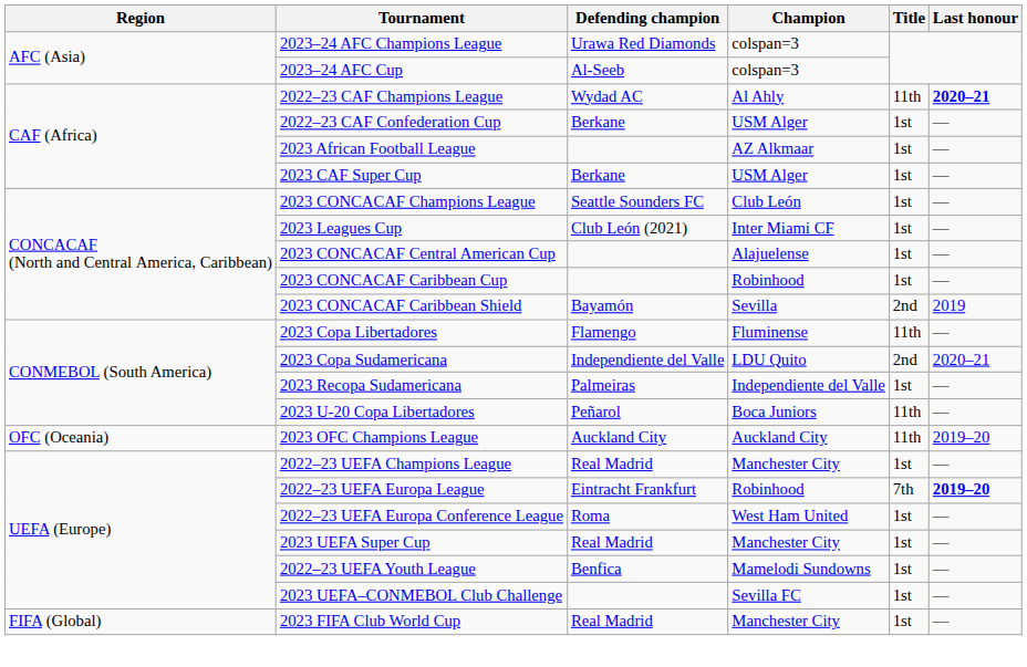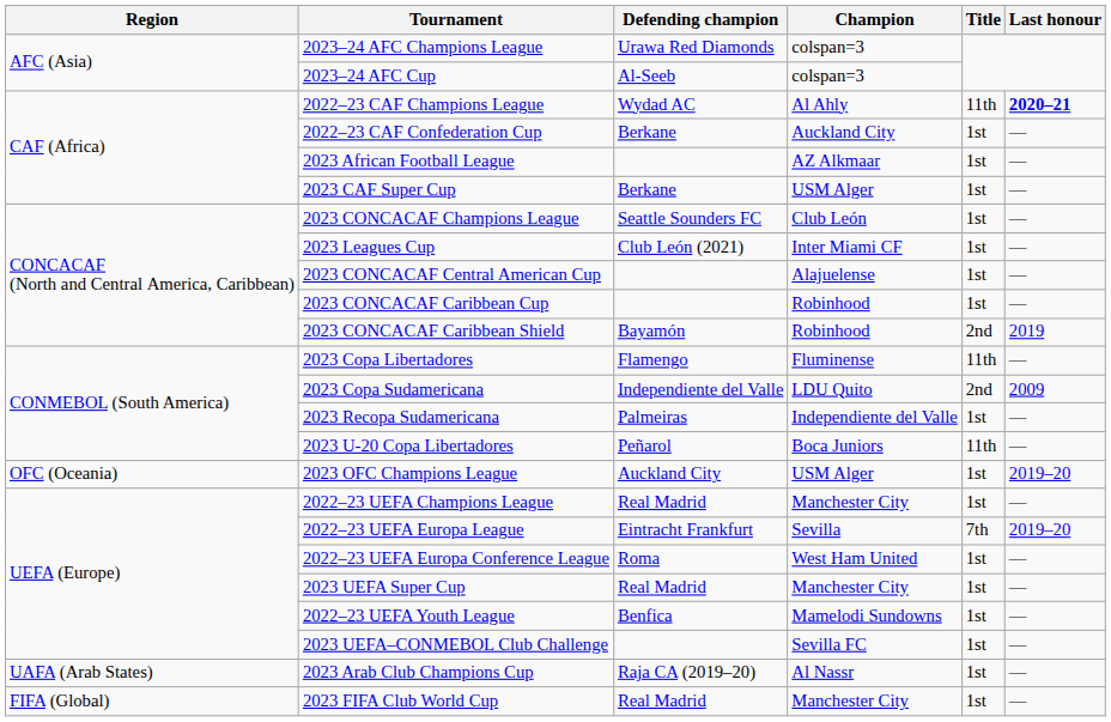 <table class=wikitable style="font-size:14px">
 <tr>
 <th>Region</th>
 <th>Tournament</th>
 <th>Defending champion</th>
 <th>Champion</th>
 <th>Title</th>
 <th>Last honour</th>
 </tr>
 <tr>
 <td rowspan=2><a href='#'>AFC</a> (Asia)</td>
 <td><a href='#'>2023–24 AFC Champions League</a></td>
 <td> <a href='#'>Urawa Red Diamonds</a></td>
 <td>colspan=3 </td>
 </tr>
 <tr>
 <td><a href='#'>2023–24 AFC Cup</a></td>
 <td> <a href='#'>Al-Seeb</a></td>
 <td>colspan=3 </td>
 </tr>
 <tr>
 <td rowspan=4><a href='#'>CAF</a> (Africa)</td>
 <td><a href='#'>2022–23 CAF Champions League</a></td>
 <td> <a href='#'>Wydad AC</a></td>
 <td> <a href='#'>Al Ahly</a></td>
 <td>11th</td>
 <td><strong><a href='#'>2020–21</a></strong></td>
 </tr>
 <tr>
 <td><a href='#'>2022–23 CAF Confederation Cup</a></td>
 <td> <a href='#'>Berkane</a></td>
-<td> <a href='#'>USM Alger</a></td>
+<td> <a href='#'>Auckland City</a></td>
 <td>1st</td>
 <td>—</td>
 </tr>
 <tr>
 <td><a href='#'>2023 African Football League</a></td>
 <td></td>
 <td> <a href='#'>AZ Alkmaar</a></td>
 <td>1st</td>
 <td>—</td>
 </tr>
 <tr>
 <td><a href='#'>2023 CAF Super Cup</a></td>
 <td> <a href='#'>Berkane</a></td>
 <td> <a href='#'>USM Alger</a></td>
 <td>1st</td>
 <td>—</td>
 </tr>
 <tr>
 <td rowspan=5><a href='#'>CONCACAF</a><br>(North and Central America, Caribbean)</td>
 <td><a href='#'>2023 CONCACAF Champions League</a></td>
 <td> <a href='#'>Seattle Sounders FC</a></td>
 <td> <a href='#'>Club León</a></td>
 <td>1st</td>
 <td>—</td>
 </tr>
 <tr>
 <td><a href='#'>2023 Leagues Cup</a></td>
 <td> <a href='#'>Club León</a> (2021)</td>
 <td> <a href='#'>Inter Miami CF</a></td>
 <td>1st</td>
 <td>—</td>
 </tr>
 <tr>
 <td><a href='#'>2023 CONCACAF Central American Cup</a></td>
 <td></td>
 <td> <a href='#'>Alajuelense</a></td>
 <td>1st</td>
 <td>—</td>
 </tr>
 <tr>
 <td><a href='#'>2023 CONCACAF Caribbean Cup</a></td>
 <td></td>
 <td> <a href='#'>Robinhood</a></td>
 <td>1st</td>
 <td>—</td>
 </tr>
 <tr>
 <td><a href='#'>2023 CONCACAF Caribbean Shield</a></td>
 <td> <a href='#'>Bayamón</a></td>
-<td> <a href='#'>Sevilla</a></td>
+<td> <a href='#'>Robinhood</a></td>
 <td>2nd</td>
 <td><a href='#'>2019</a></td>
 </tr>
 <tr>
 <td rowspan=4><a href='#'>CONMEBOL</a> (South America)</td>
 <td><a href='#'>2023 Copa Libertadores</a></td>
 <td> <a href='#'>Flamengo</a></td>
 <td> <a href='#'>Fluminense</a></td>
 <td>11th</td>
 <td>—</td>
 </tr>
 <tr>
 <td><a href='#'>2023 Copa Sudamericana</a></td>
 <td> <a href='#'>Independiente del Valle</a></td>
 <td> <a href='#'>LDU Quito</a></td>
 <td>2nd</td>
-<td><a href='#'>2020–21</a></td>
+<td><a href='#'>2009</a></td>
 </tr>
 <tr>
 <td><a href='#'>2023 Recopa Sudamericana</a></td>
 <td> <a href='#'>Palmeiras</a></td>
 <td> <a href='#'>Independiente del Valle</a></td>
 <td>1st</td>
 <td>—</td>
 </tr>
 <tr>
 <td><a href='#'>2023 U-20 Copa Libertadores</a></td>
 <td> <a href='#'>Peñarol</a></td>
 <td> <a href='#'>Boca Juniors</a></td>
 <td>11th</td>
 <td>—</td>
 </tr>
 <tr>
 <td><a href='#'>OFC</a> (Oceania)</td>
 <td><a href='#'>2023 OFC Champions League</a></td>
 <td> <a href='#'>Auckland City</a></td>
-<td> <a href='#'>Auckland City</a></td>
-<td>11th</td>
+<td> <a href='#'>USM Alger</a></td>
+<td>1st</td>
 <td><a href='#'>2019–20</a></td>
 </tr>
 <tr>
 <td rowspan=6><a href='#'>UEFA</a> (Europe)</td>
 <td><a href='#'>2022–23 UEFA Champions League</a></td>
 <td> <a href='#'>Real Madrid</a></td>
 <td> <a href='#'>Manchester City</a></td>
 <td>1st</td>
 <td>—</td>
 </tr>
 <tr>
 <td><a href='#'>2022–23 UEFA Europa League</a></td>
 <td> <a href='#'>Eintracht Frankfurt</a></td>
-<td> <a href='#'>Robinhood</a></td>
+<td> <a href='#'>Sevilla</a></td>
 <td>7th</td>
-<td><strong><a href='#'>2019–20</a></strong></td>
+<td><a href='#'>2019–20</a></td>
 </tr>
 <tr>
 <td><a href='#'>2022–23 UEFA Europa Conference League</a></td>
 <td> <a href='#'>Roma</a></td>
 <td> <a href='#'>West Ham United</a></td>
 <td>1st</td>
 <td>—</td>
 </tr>
 <tr>
 <td><a href='#'>2023 UEFA Super Cup</a></td>
 <td> <a href='#'>Real Madrid</a></td>
 <td> <a href='#'>Manchester City</a></td>
 <td>1st</td>
 <td>—</td>
 </tr>
 <tr>
 <td><a href='#'>2022–23 UEFA Youth League</a></td>
 <td> <a href='#'>Benfica</a></td>
 <td> <a href='#'>Mamelodi Sundowns</a></td>
 <td>1st</td>
 <td>—</td>
 </tr>
 <tr>
 <td><a href='#'>2023 UEFA–CONMEBOL Club Challenge</a></td>
 <td></td>
 <td> <a href='#'>Sevilla FC</a></td>
 <td>1st</td>
 <td>—</td>
 </tr>
 <tr>
+<td><a href='#'>UAFA</a> (Arab States)</td>
+<td><a href='#'>2023 Arab Club Champions Cup</a></td>
+<td> <a href='#'>Raja CA</a> (2019–20)</td>
+<td> <a href='#'>Al Nassr</a></td>
+<td>1st</td>
+<td>—</td>
+</tr>
+<tr>
 <td><a href='#'>FIFA</a> (Global)</td>
 <td><a href='#'>2023 FIFA Club World Cup</a></td>
 <td> <a href='#'>Real Madrid</a></td>
 <td> <a href='#'>Manchester City</a></td>
 <td>1st</td>
 <td>—</td>
 </tr>
 </table>
